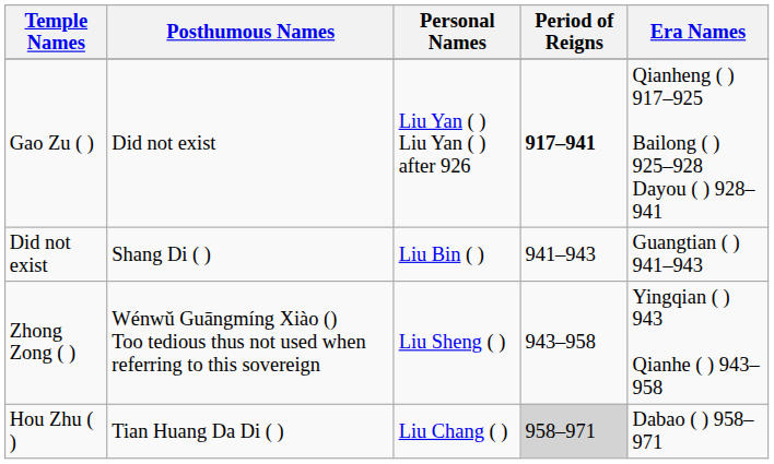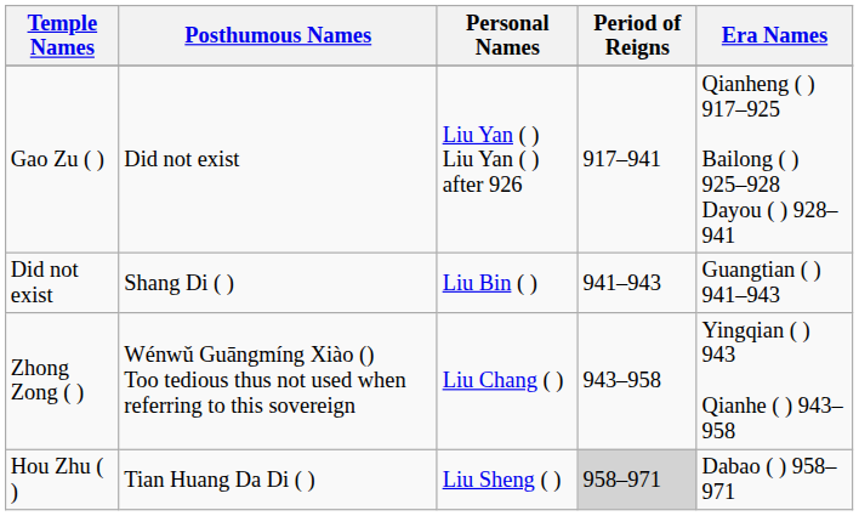 <table class="wikitable">
 <tr>
 <th><a href='#'>Temple Names</a></th>
 <th><a href='#'>Posthumous Names</a></th>
 <th>Personal Names</th>
 <th>Period of Reigns</th>
 <th><a href='#'>Era Names</a></th>
 </tr>
 <tr>
 </tr>
 <tr>
 <td>Gao Zu ( )</td>
 <td>Did not exist</td>
 <td><a href='#'>Liu Yan</a> ( )<br>Liu Yan ( ) after 926</td>
-<td><strong>917–941</strong></td>
+<td>917–941</td>
 <td>Qianheng ( ) 917–925<br><br>Bailong ( ) 925–928<br> Dayou ( ) 928–941</td>
 </tr>
 <tr>
 <td>Did not exist</td>
 <td>Shang Di ( )</td>
 <td><a href='#'>Liu Bin</a> ( )</td>
 <td>941–943</td>
 <td>Guangtian ( ) 941–943</td>
 </tr>
 <tr>
 <td>Zhong Zong ( )</td>
 <td>Wénwǔ Guāngmíng Xiào ()<br>Too tedious thus not used when referring to this sovereign</td>
-<td><a href='#'>Liu Sheng</a> ( )</td>
+<td><a href='#'>Liu Chang</a> ( )</td>
 <td>943–958</td>
 <td>Yingqian ( ) 943<br><br>Qianhe ( ) 943–958</td>
 </tr>
 <tr>
 <td>Hou Zhu ( )</td>
 <td>Tian Huang Da Di ( )</td>
-<td><a href='#'>Liu Chang</a> ( )</td>
+<td><a href='#'>Liu Sheng</a> ( )</td>
 <td style="background: lightgrey;">958–971</td>
 <td>Dabao ( ) 958–971</td>
 </tr>
 </table>
